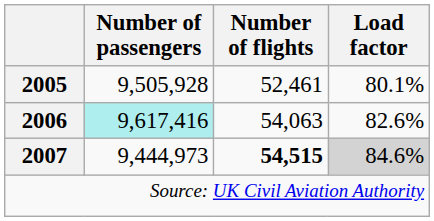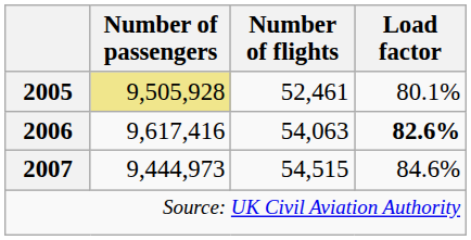 <table class="wikitable" style="text-align: right; width:300px;" align="center">
 <tr>
 <th style="width:75px"></th>
 <th style="width:100px">Number of passengers</th>
 <th style="width:100px">Number of flights</th>
 <th style="width:100px">Load factor</th>
 </tr>
 <tr>
 <th>2005</th>
-<td>9,505,928</td>
+<td style="background: khaki;">9,505,928</td>
 <td>52,461</td>
 <td>80.1%</td>
 </tr>
 <tr>
 <th>2006</th>
-<td style="background: paleturquoise;">9,617,416</td>
+<td>9,617,416</td>
 <td>54,063</td>
-<td>82.6%</td>
+<td><strong>82.6%</strong></td>
 </tr>
 <tr>
 <th>2007</th>
 <td>9,444,973</td>
-<td><strong>54,515</strong></td>
-<td style="background: lightgrey;">84.6%</td>
+<td>54,515</td>
+<td>84.6%</td>
 </tr>
 <tr>
 <td colspan=5 align="right"><sup><em>Source: <a href='#'>UK Civil Aviation Authority</a></em> </sup></td>
 </tr>
 </table>
